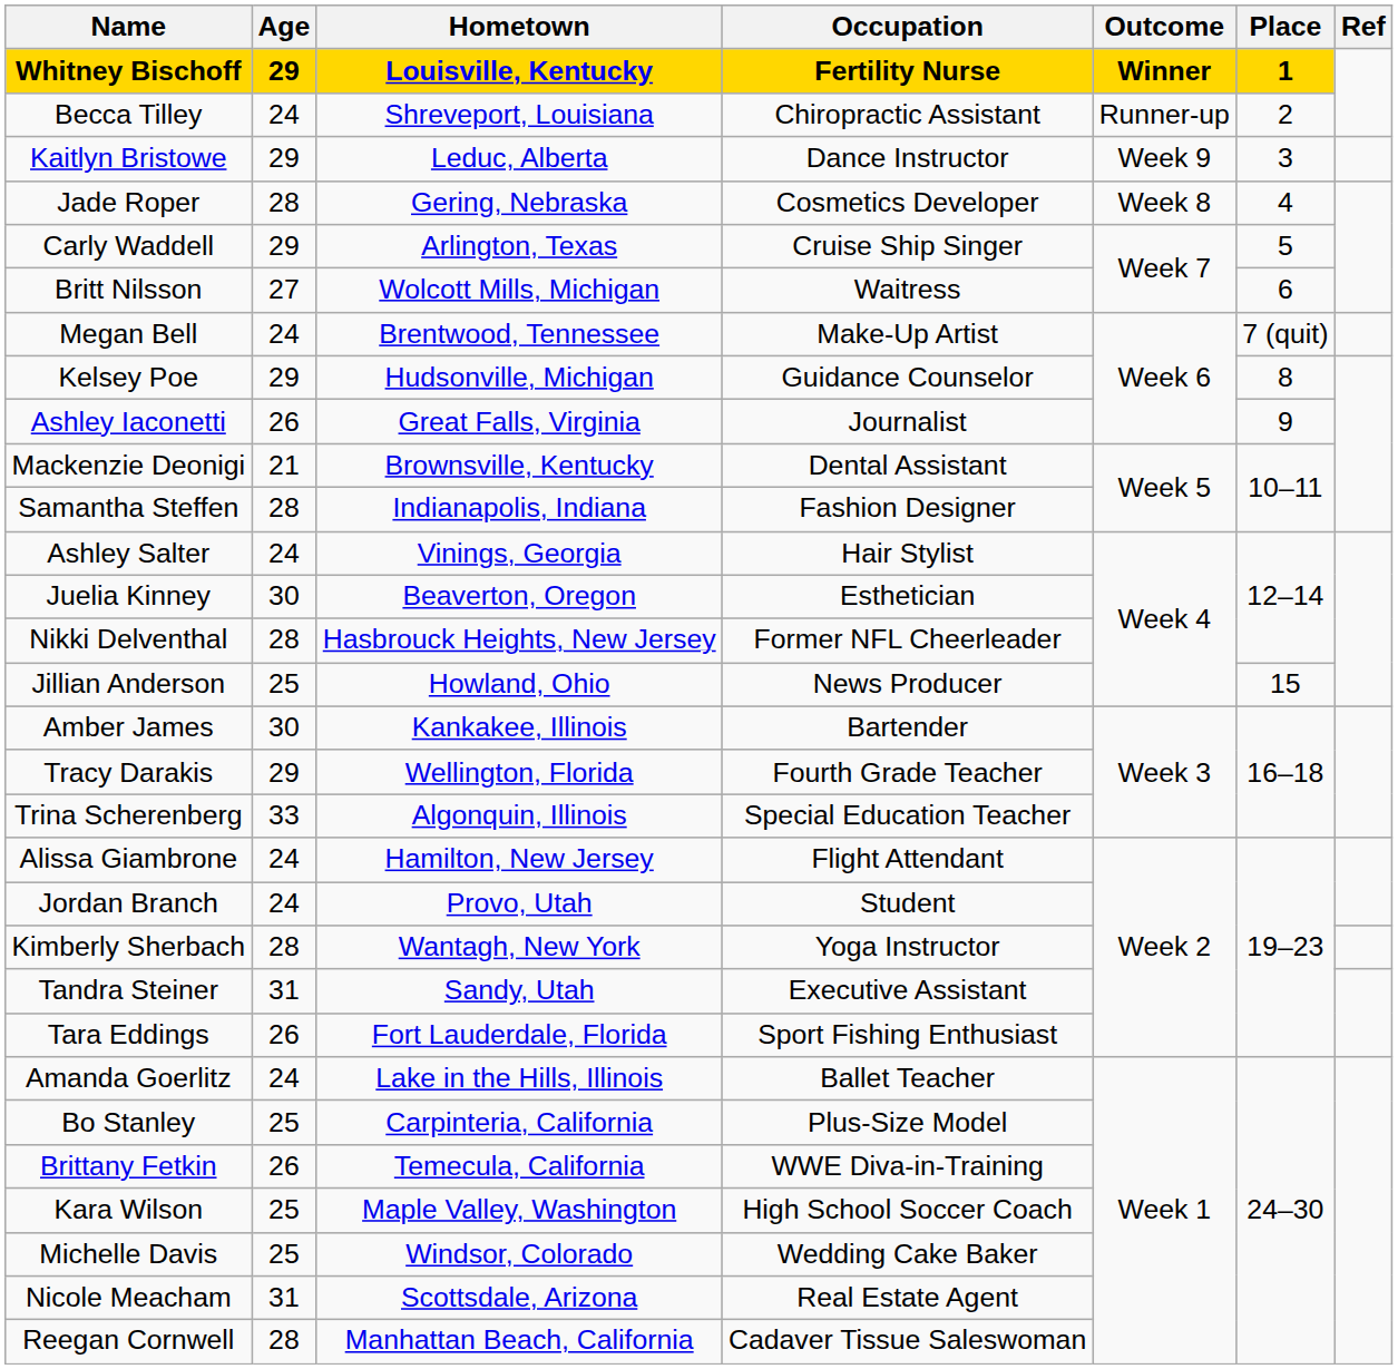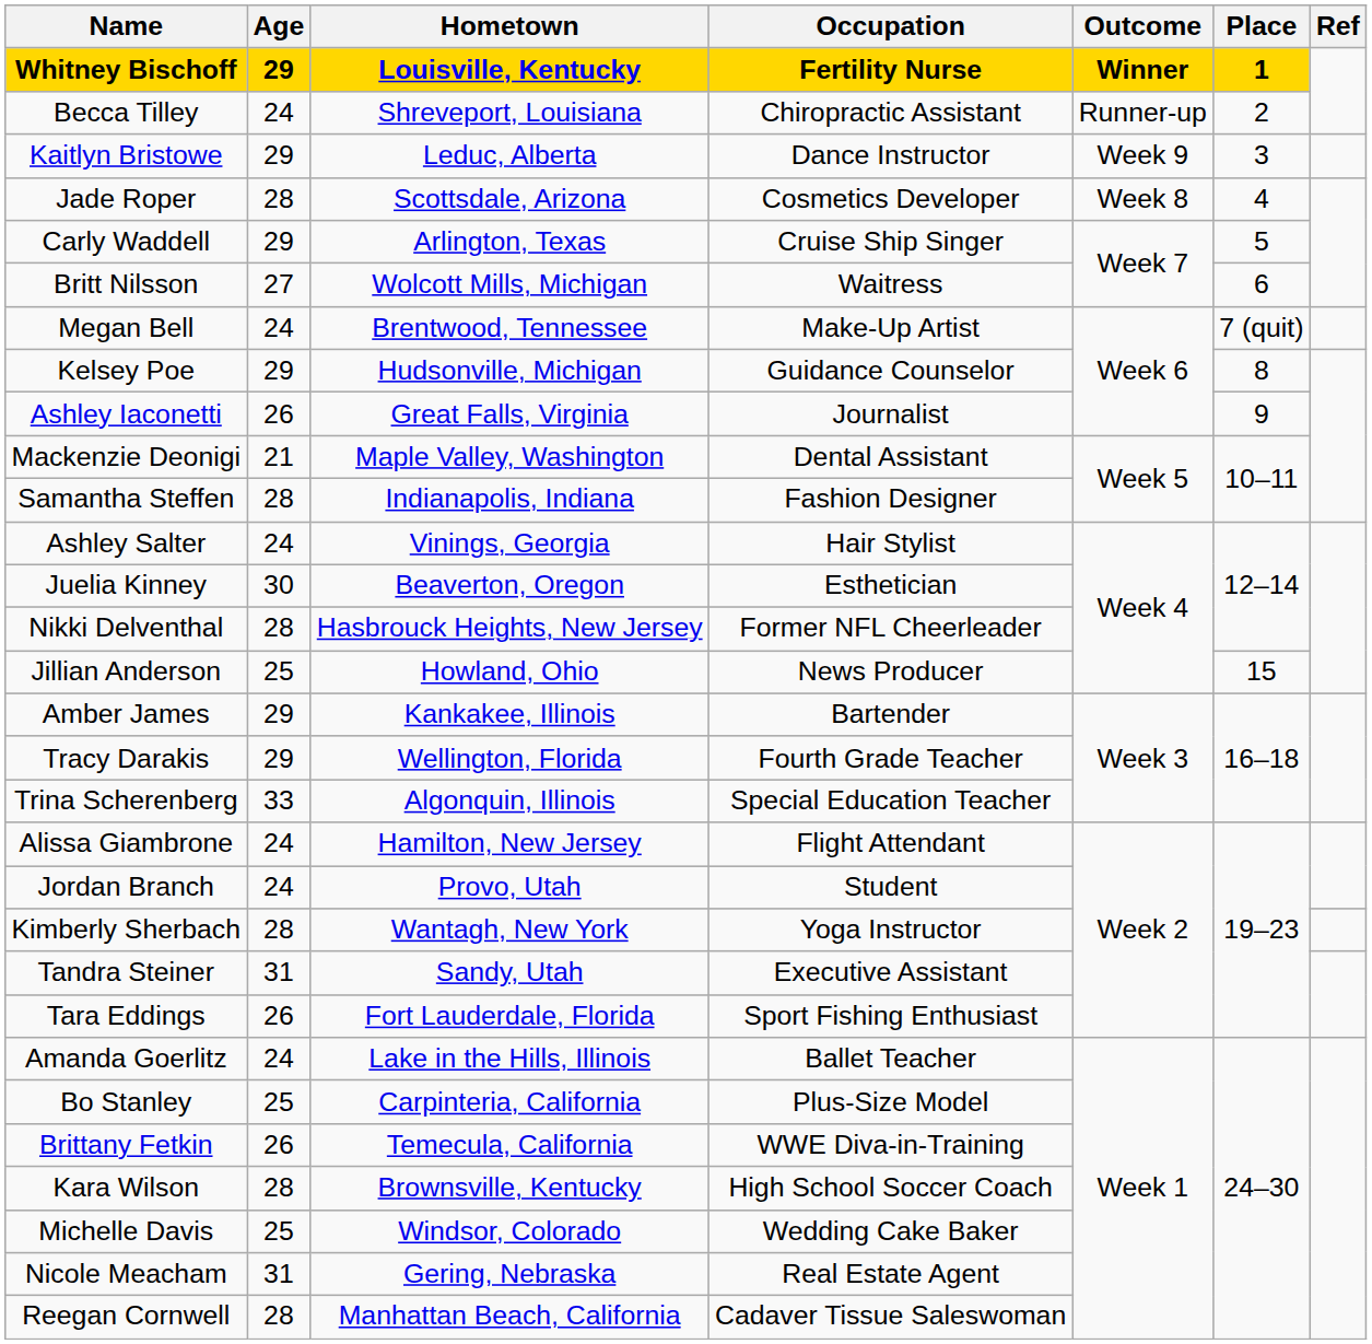 <table class="wikitable sortable" style="text-align:center;">
 <tr>
 <th>Name</th>
 <th>Age</th>
 <th>Hometown</th>
 <th>Occupation</th>
 <th>Outcome</th>
 <th>Place</th>
 <th class="unsortable">Ref</th>
 </tr>
 <tr>
 <td style="background:gold;"><strong>Whitney Bischoff</strong></td>
 <td style="background:gold;"><strong>29</strong></td>
 <td style="background:gold;"><strong><a href='#'>Louisville, Kentucky</a></strong></td>
 <td style="background:gold;"><strong>Fertility Nurse</strong></td>
 <td style="background:gold;"><strong>Winner</strong></td>
 <td style="background:gold;"><strong>1</strong></td>
 <td rowspan="2" style="text-align:center;"></td>
 </tr>
 <tr>
 <td>Becca Tilley</td>
 <td>24</td>
 <td><a href='#'>Shreveport, Louisiana</a></td>
 <td>Chiropractic Assistant</td>
 <td>Runner-up</td>
 <td>2</td>
 </tr>
 <tr>
 <td><a href='#'>Kaitlyn Bristowe</a></td>
 <td>29</td>
 <td><a href='#'>Leduc, Alberta</a></td>
 <td>Dance Instructor</td>
 <td>Week 9</td>
 <td>3</td>
 <td style="text-align:center;"></td>
 </tr>
 <tr>
 <td>Jade Roper</td>
 <td>28</td>
-<td><a href='#'>Gering, Nebraska</a></td>
+<td><a href='#'>Scottsdale, Arizona</a></td>
 <td>Cosmetics Developer</td>
 <td>Week 8</td>
 <td>4</td>
 <td rowspan="3" style="text-align:center;"></td>
 </tr>
 <tr>
 <td>Carly Waddell</td>
 <td>29</td>
 <td><a href='#'>Arlington, Texas</a></td>
 <td>Cruise Ship Singer</td>
 <td rowspan="2">Week 7</td>
 <td>5</td>
 </tr>
 <tr>
 <td>Britt Nilsson</td>
 <td>27</td>
 <td><a href='#'>Wolcott Mills, Michigan</a></td>
 <td>Waitress</td>
 <td>6</td>
 </tr>
 <tr>
 <td>Megan Bell</td>
 <td>24</td>
 <td><a href='#'>Brentwood, Tennessee</a></td>
 <td>Make-Up Artist</td>
 <td rowspan="3">Week 6</td>
 <td>7 (quit)</td>
 <td style="text-align:center;"></td>
 </tr>
 <tr>
 <td>Kelsey Poe</td>
 <td>29</td>
 <td><a href='#'>Hudsonville, Michigan</a></td>
 <td>Guidance Counselor</td>
 <td>8</td>
 <td rowspan="4" style="text-align:center;"></td>
 </tr>
 <tr>
 <td><a href='#'>Ashley Iaconetti</a></td>
 <td>26</td>
 <td><a href='#'>Great Falls, Virginia</a></td>
 <td>Journalist</td>
 <td>9</td>
 </tr>
 <tr>
 <td>Mackenzie Deonigi</td>
 <td>21</td>
-<td><a href='#'>Brownsville, Kentucky</a></td>
+<td><a href='#'>Maple Valley, Washington</a></td>
 <td>Dental Assistant</td>
 <td rowspan="2">Week 5</td>
 <td rowspan="2">10–11</td>
 </tr>
 <tr>
 <td>Samantha Steffen</td>
 <td>28</td>
 <td><a href='#'>Indianapolis, Indiana</a></td>
 <td>Fashion Designer</td>
 </tr>
 <tr>
 <td>Ashley Salter</td>
 <td>24</td>
 <td><a href='#'>Vinings, Georgia</a></td>
 <td>Hair Stylist</td>
 <td rowspan="4">Week 4</td>
 <td rowspan="3">12–14</td>
 <td rowspan="4" style="text-align:center;"></td>
 </tr>
 <tr>
 <td>Juelia Kinney</td>
 <td>30</td>
 <td><a href='#'>Beaverton, Oregon</a></td>
 <td>Esthetician</td>
 </tr>
 <tr>
 <td>Nikki Delventhal</td>
 <td>28</td>
 <td><a href='#'>Hasbrouck Heights, New Jersey</a></td>
 <td>Former NFL Cheerleader</td>
 </tr>
 <tr>
 <td>Jillian Anderson</td>
 <td>25</td>
 <td><a href='#'>Howland, Ohio</a></td>
 <td>News Producer</td>
 <td>15</td>
 </tr>
 <tr>
 <td>Amber James</td>
-<td>30</td>
+<td>29</td>
 <td><a href='#'>Kankakee, Illinois</a></td>
 <td>Bartender</td>
 <td rowspan="3">Week 3</td>
 <td rowspan="3">16–18</td>
 <td rowspan="3" style="text-align:center;"></td>
 </tr>
 <tr>
 <td>Tracy Darakis</td>
 <td>29</td>
 <td><a href='#'>Wellington, Florida</a></td>
 <td>Fourth Grade Teacher</td>
 </tr>
 <tr>
 <td>Trina Scherenberg</td>
 <td>33</td>
 <td><a href='#'>Algonquin, Illinois</a></td>
 <td>Special Education Teacher</td>
 </tr>
 <tr>
 <td>Alissa Giambrone</td>
 <td>24</td>
 <td><a href='#'>Hamilton, New Jersey</a></td>
 <td>Flight Attendant</td>
 <td rowspan="5">Week 2</td>
 <td rowspan="5">19–23</td>
 <td rowspan="2" style="text-align:center;"></td>
 </tr>
 <tr>
 <td>Jordan Branch</td>
 <td>24</td>
 <td><a href='#'>Provo, Utah</a></td>
 <td>Student</td>
 </tr>
 <tr>
 <td>Kimberly Sherbach</td>
 <td>28</td>
 <td><a href='#'>Wantagh, New York</a></td>
 <td>Yoga Instructor</td>
 <td style="text-align:center;"></td>
 </tr>
 <tr>
 <td>Tandra Steiner</td>
 <td>31</td>
 <td><a href='#'>Sandy, Utah</a></td>
 <td>Executive Assistant</td>
 <td rowspan="2" style="text-align:center;"></td>
 </tr>
 <tr>
 <td>Tara Eddings</td>
 <td>26</td>
 <td><a href='#'>Fort Lauderdale, Florida</a></td>
 <td>Sport Fishing Enthusiast</td>
 </tr>
 <tr>
 <td>Amanda Goerlitz</td>
 <td>24</td>
 <td><a href='#'>Lake in the Hills, Illinois</a></td>
 <td>Ballet Teacher</td>
 <td rowspan="7">Week 1</td>
 <td rowspan="7">24–30</td>
 <td rowspan="7" style="text-align:center;"></td>
 </tr>
 <tr>
 <td>Bo Stanley</td>
 <td>25</td>
 <td><a href='#'>Carpinteria, California</a></td>
 <td>Plus-Size Model</td>
 </tr>
 <tr>
 <td><a href='#'>Brittany Fetkin</a></td>
 <td>26</td>
 <td><a href='#'>Temecula, California</a></td>
 <td>WWE Diva-in-Training</td>
 </tr>
 <tr>
 <td>Kara Wilson</td>
-<td>25</td>
-<td><a href='#'>Maple Valley, Washington</a></td>
+<td>28</td>
+<td><a href='#'>Brownsville, Kentucky</a></td>
 <td>High School Soccer Coach</td>
 </tr>
 <tr>
 <td>Michelle Davis</td>
 <td>25</td>
 <td><a href='#'>Windsor, Colorado</a></td>
 <td>Wedding Cake Baker</td>
 </tr>
 <tr>
 <td>Nicole Meacham</td>
 <td>31</td>
-<td><a href='#'>Scottsdale, Arizona</a></td>
+<td><a href='#'>Gering, Nebraska</a></td>
 <td>Real Estate Agent</td>
 </tr>
 <tr>
 <td>Reegan Cornwell</td>
 <td>28</td>
 <td><a href='#'>Manhattan Beach, California</a></td>
 <td>Cadaver Tissue Saleswoman</td>
 </tr>
 </table>
